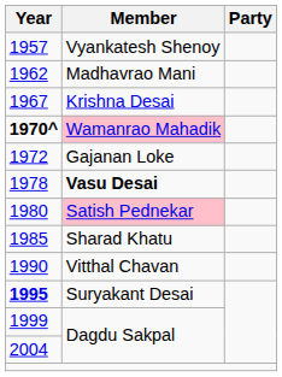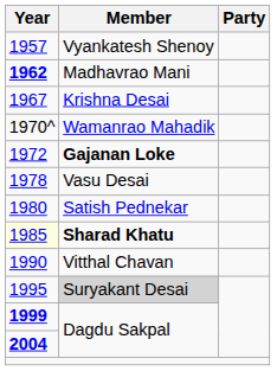 <table class=wikitable>
 <tr>
 <th>Year</th>
 <th>Member</th>
 <th colspan="2">Party</th>
 </tr>
 <tr>
 <td><a href='#'>1957</a></td>
 <td>Vyankatesh Shenoy</td>
 <td></td>
 </tr>
 <tr>
-<td><a href='#'>1962</a></td>
+<td><strong><a href='#'>1962</a></strong></td>
 <td>Madhavrao Mani</td>
 <td></td>
 </tr>
 <tr>
 <td><a href='#'>1967</a></td>
 <td><a href='#'>Krishna Desai</a></td>
 <td></td>
 </tr>
 <tr>
-<td><strong>1970^</strong></td>
-<td style="background: pink;"><a href='#'>Wamanrao Mahadik</a></td>
+<td>1970^</td>
+<td><a href='#'>Wamanrao Mahadik</a></td>
 <td></td>
 </tr>
 <tr>
 <td><a href='#'>1972</a></td>
-<td>Gajanan Loke</td>
+<td><strong>Gajanan Loke</strong></td>
 <td></td>
 </tr>
 <tr>
 <td><a href='#'>1978</a></td>
-<td><strong>Vasu Desai</strong></td>
+<td>Vasu Desai</td>
 <td></td>
 </tr>
 <tr>
 <td><a href='#'>1980</a></td>
-<td style="background: pink;"><a href='#'>Satish Pednekar</a></td>
+<td><a href='#'>Satish Pednekar</a></td>
 <td></td>
 </tr>
 <tr>
-<td><a href='#'>1985</a></td>
-<td>Sharad Khatu</td>
+<td style="background: lightyellow;"><a href='#'>1985</a></td>
+<td><strong>Sharad Khatu</strong></td>
 <td></td>
 </tr>
 <tr>
 <td><a href='#'>1990</a></td>
 <td>Vitthal Chavan</td>
 <td></td>
 </tr>
 <tr>
-<td><strong><a href='#'>1995</a></strong></td>
-<td>Suryakant Desai</td>
+<td><a href='#'>1995</a></td>
+<td style="background: lightgrey;">Suryakant Desai</td>
 </tr>
 <tr>
-<td><a href='#'>1999</a></td>
+<td><strong><a href='#'>1999</a></strong></td>
 <td rowspan="2">Dagdu Sakpal</td>
 </tr>
 <tr>
-<td><a href='#'>2004</a></td>
+<td><strong><a href='#'>2004</a></strong></td>
 </tr>
 <tr>
 <td colspan="4"></td>
 </tr>
 </table>
